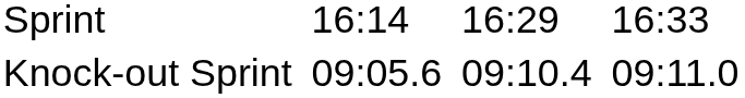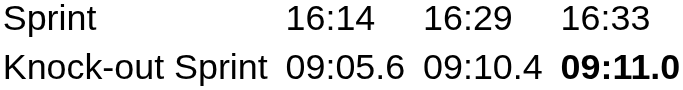 <table>
 <tr>
 <td Sprint>Sprint</td>
 <td></td>
 <td>16:14</td>
 <td></td>
 <td>16:29</td>
 <td></td>
 <td>16:33</td>
 </tr>
 <tr>
 <td>Knock-out Sprint</td>
 <td></td>
 <td>09:05.6</td>
 <td></td>
 <td>09:10.4</td>
 <td></td>
-<td>09:11.0</td>
+<td><strong>09:11.0</strong></td>
 </tr>
 </table>
